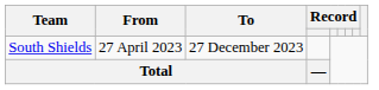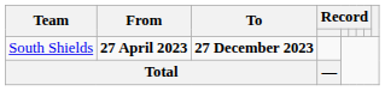 <table class="wikitable" style="text-align:center">
 <tr>
 <th rowspan="2">Team</th>
 <th rowspan="2">From</th>
 <th rowspan="2">To</th>
 <th colspan="5">Record</th>
 <th rowspan="2"></th>
 </tr>
 <tr>
 <th></th>
 <th></th>
 <th></th>
 <th></th>
 <th></th>
 </tr>
 <tr>
 <td align="left"><a href='#'>South Shields</a></td>
-<td align="left">27 April 2023</td>
-<td align="left">27 December 2023<br></td>
+<td align="left"><strong>27 April 2023</strong></td>
+<td align="left"><strong>27 December 2023<br></strong></td>
 <td></td>
 </tr>
 <tr>
 <th colspan="3">Total<br></th>
 <th>—</th>
 </tr>
 </table>
